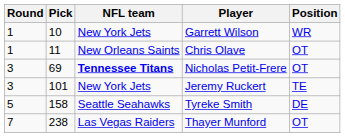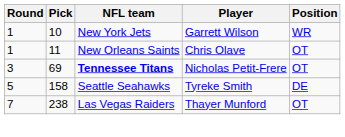 <table class="wikitable">
 <tr>
 <th style="text-align:center; ">Round</th>
 <th style="text-align:center; ">Pick</th>
 <th style="text-align:center; ">NFL team</th>
 <th style="text-align:center; ">Player</th>
 <th style="text-align:center; ">Position</th>
 </tr>
 <tr>
 <td>1</td>
 <td>10</td>
 <td><a href='#'>New York Jets</a></td>
 <td><a href='#'>Garrett Wilson</a></td>
 <td><a href='#'>WR</a></td>
 </tr>
 <tr>
 <td>1</td>
 <td>11</td>
 <td><a href='#'>New Orleans Saints</a></td>
 <td><a href='#'>Chris Olave</a></td>
 <td><a href='#'>OT</a></td>
 </tr>
 <tr>
 <td>3</td>
 <td>69</td>
 <td><strong><a href='#'>Tennessee Titans</a></strong></td>
 <td><a href='#'>Nicholas Petit-Frere</a></td>
 <td><a href='#'>OT</a></td>
 </tr>
 <tr>
-<td>3</td>
-<td>101</td>
-<td><a href='#'>New York Jets</a></td>
-<td><a href='#'>Jeremy Ruckert</a></td>
-<td><a href='#'>TE</a></td>
-</tr>
-<tr>
 <td>5</td>
 <td>158</td>
 <td><a href='#'>Seattle Seahawks</a></td>
 <td><a href='#'>Tyreke Smith</a></td>
 <td><a href='#'>DE</a></td>
 </tr>
 <tr>
 <td>7</td>
 <td>238</td>
 <td><a href='#'>Las Vegas Raiders</a></td>
 <td><a href='#'>Thayer Munford</a></td>
 <td><a href='#'>OT</a></td>
 </tr>
 </table>
